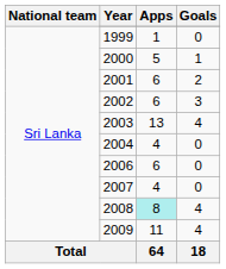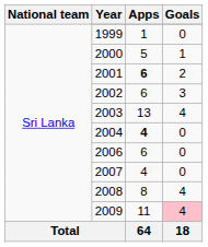 <table class="wikitable" style="text-align:center">
 <tr>
 <th>National team</th>
 <th>Year</th>
 <th>Apps</th>
 <th>Goals</th>
 </tr>
 <tr>
 <td rowspan="11"><a href='#'>Sri Lanka</a></td>
 </tr>
 <tr>
 <td>1999</td>
 <td>1</td>
 <td>0</td>
 </tr>
 <tr>
 <td>2000</td>
 <td>5</td>
 <td>1</td>
 </tr>
 <tr>
 <td>2001</td>
-<td>6</td>
+<td><strong>6</strong></td>
 <td>2</td>
 </tr>
 <tr>
 <td>2002</td>
 <td>6</td>
 <td>3</td>
 </tr>
 <tr>
 <td>2003</td>
 <td>13</td>
 <td>4</td>
 </tr>
 <tr>
 <td>2004</td>
-<td>4</td>
+<td><strong>4</strong></td>
 <td>0</td>
 </tr>
 <tr>
 <td>2006</td>
 <td>6</td>
 <td>0</td>
 </tr>
 <tr>
 <td>2007</td>
 <td>4</td>
 <td>0</td>
 </tr>
 <tr>
 <td>2008</td>
-<td style="background: paleturquoise;">8</td>
+<td>8</td>
 <td>4</td>
 </tr>
 <tr>
 <td>2009</td>
 <td>11</td>
-<td>4</td>
+<td style="background: pink;">4</td>
 </tr>
 <tr>
 <th colspan="2">Total</th>
 <th>64</th>
 <th>18</th>
 </tr>
 </table>
